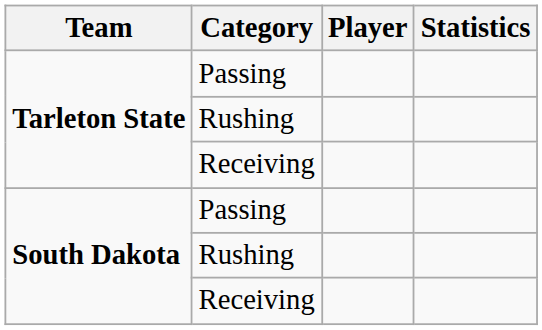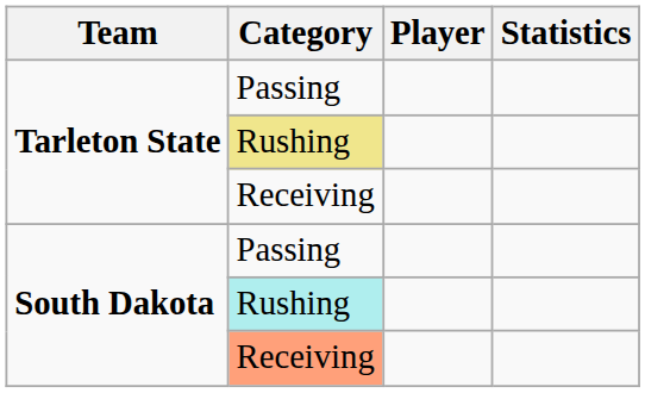 <table class="wikitable" style="float: right;">
 <tr>
 <th>Team</th>
 <th>Category</th>
 <th>Player</th>
 <th>Statistics</th>
 </tr>
 <tr>
 <td rowspan=3><strong>Tarleton State</strong></td>
 <td>Passing</td>
 <td></td>
 <td></td>
 </tr>
 <tr>
-<td>Rushing</td>
+<td style="background: khaki;">Rushing</td>
 <td></td>
 <td></td>
 </tr>
 <tr>
 <td>Receiving</td>
 <td></td>
 <td></td>
 </tr>
 <tr>
 <td rowspan=3><strong>South Dakota</strong></td>
 <td>Passing</td>
 <td></td>
 <td></td>
 </tr>
 <tr>
-<td>Rushing</td>
+<td style="background: paleturquoise;">Rushing</td>
 <td></td>
 <td></td>
 </tr>
 <tr>
-<td>Receiving</td>
+<td style="background: lightsalmon;">Receiving</td>
 <td></td>
 <td></td>
 </tr>
 </table>
